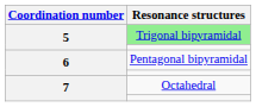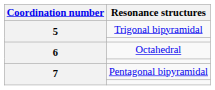 <table class="wikitable">
 <tr>
 <th><a href='#'>Coordination number</a></th>
 <th>Resonance structures</th>
 </tr>
 <tr ---->
 <th rowspan="2">5</th>
-<td align="center" style="background: lightgreen;"><a href='#'>Trigonal bipyramidal</a></td>
+<td align="center"><a href='#'>Trigonal bipyramidal</a></td>
 </tr>
 <tr ---->
 <td align="center"></td>
 </tr>
 <tr ---->
 <th rowspan="2">6</th>
-<td align="center"><a href='#'>Pentagonal bipyramidal</a></td>
+<td align="center"><a href='#'>Octahedral</a></td>
 </tr>
 <tr ---->
 <td align="center"></td>
 </tr>
 <tr ---->
 <th rowspan="2">7</th>
-<td align="center"><a href='#'>Octahedral</a></td>
+<td align="center"><a href='#'>Pentagonal bipyramidal</a></td>
 </tr>
 <tr ---->
 <td align="center"></td>
 </tr>
 </table>
